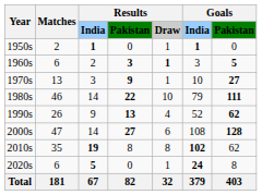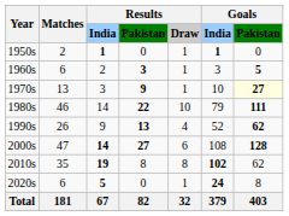 <table class="wikitable">
 <tr>
 <th rowspan=2>Year</th>
 <th rowspan=2>Matches</th>
 <th colspan=3>Results</th>
 <th colspan=2>Goals</th>
 </tr>
 <tr>
 <th style="background:#9cf;"> India</th>
 <th style="background:green;"> Pakistan</th>
 <th style="background:#ccc;">Draw</th>
 <th style="background:#9cf;"> India</th>
 <th style="background:green;"> Pakistan</th>
 </tr>
 <tr>
 <td align="center">1950s</td>
 <td align="center">2</td>
 <td align="center"><strong>1</strong></td>
 <td align="center">0</td>
 <td align="center">1</td>
 <td align="center"><strong>1</strong></td>
 <td align="center">0</td>
 </tr>
 <tr>
 <td align="center">1960s</td>
 <td align="center">6</td>
 <td align="center">2</td>
 <td align="center"><strong>3</strong></td>
-<td align="center"><strong>1</strong></td>
+<td align="center">1</td>
 <td align="center">3</td>
 <td align="center"><strong>5</strong></td>
 </tr>
 <tr>
 <td align="center">1970s</td>
 <td align="center">13</td>
 <td align="center">3</td>
 <td align="center"><strong>9</strong></td>
 <td align="center">1</td>
 <td align="center">10</td>
-<td align="center"><strong>27</strong></td>
+<td align="center" style="background: lightyellow;"><strong>27</strong></td>
 </tr>
 <tr>
 <td align="center">1980s</td>
 <td align="center">46</td>
 <td align="center">14</td>
 <td align="center"><strong>22</strong></td>
 <td align="center">10</td>
 <td align="center">79</td>
 <td align="center"><strong>111</strong></td>
 </tr>
 <tr>
 <td align="center">1990s</td>
 <td align="center">26</td>
 <td align="center">9</td>
 <td align="center"><strong>13</strong></td>
 <td align="center">4</td>
 <td align="center">52</td>
 <td align="center"><strong>62</strong></td>
 </tr>
 <tr>
 <td align="center">2000s</td>
 <td align="center">47</td>
-<td align="center">14</td>
+<td align="center"><strong>14</strong></td>
 <td align="center"><strong>27</strong></td>
 <td align="center">6</td>
 <td align="center">108</td>
 <td align="center"><strong>128</strong></td>
 </tr>
 <tr>
 <td align="center">2010s</td>
 <td align="center">35</td>
 <td align="center"><strong>19</strong></td>
 <td align="center">8</td>
 <td align="center">8</td>
 <td align="center"><strong>102</strong></td>
 <td align="center">62</td>
 </tr>
 <tr>
 <td align="center">2020s</td>
 <td align="center">6</td>
 <td align="center"><strong>5</strong></td>
 <td align="center">0</td>
 <td align="center">1</td>
 <td align="center"><strong>24</strong></td>
 <td align="center">8</td>
 </tr>
 <tr>
 <th align="center">Total</th>
 <th align="center">181</th>
 <th align="center">67</th>
 <th align="center">82</th>
 <th align="center">32</th>
 <th align="center">379</th>
 <th align="center">403</th>
 </tr>
 </table>
